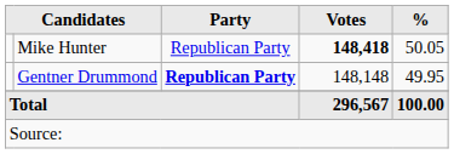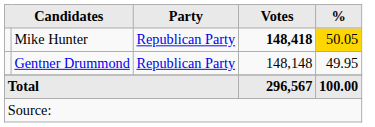 <table class=wikitable style="font-size:95%; text-align:right;">
 <tr>
 <th style="background:#e9e9e9; text-align:center;" colspan="2">Candidates</th>
 <th style="background:#e9e9e9; text-align:center;">Party</th>
 <th style="background:#e9e9e9; text-align:center;">Votes</th>
 <th style="background:#e9e9e9; text-align:center;">%</th>
 </tr>
 <tr>
 <td></td>
 <td align=left>Mike Hunter</td>
 <td align=center><a href='#'>Republican Party</a></td>
 <td><strong>148,418</strong></td>
-<td>50.05</td>
+<td style="background: gold;">50.05</td>
 </tr>
 <tr>
 <td></td>
 <td align=left><a href='#'>Gentner Drummond</a></td>
-<td align=center><strong><a href='#'>Republican Party</a></strong></td>
+<td align=center><a href='#'>Republican Party</a></td>
 <td>148,148</td>
 <td>49.95</td>
 </tr>
 <tr>
 </tr>
 <tr style="background:#e9e9e9;">
 <td colspan="3" style="text-align:left; "><strong>Total</strong></td>
 <td style="text-align:right; width:75px; "><strong>296,567</strong></td>
 <td style="text-align:right; width:30px; "><strong>100.00</strong></td>
 </tr>
 <tr>
 <td style="text-align:left;" colspan="6">Source: </td>
 </tr>
 </table>
